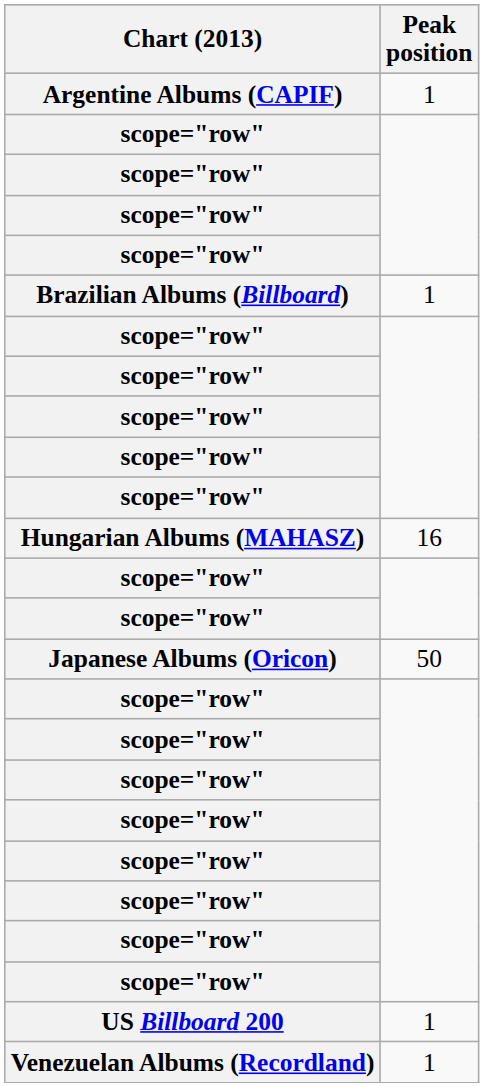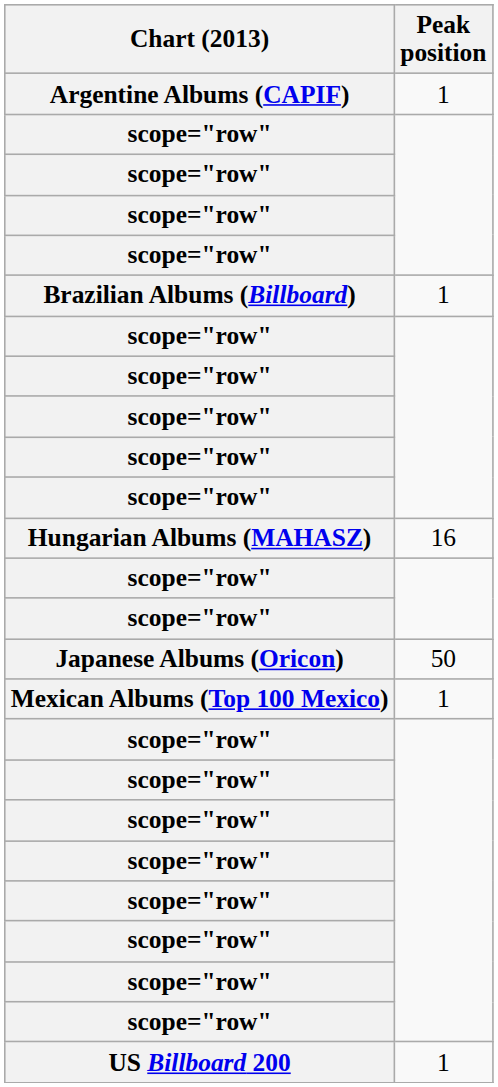 <table class="wikitable sortable plainrowheaders">
 <tr>
 <th scope="col">Chart (2013)</th>
 <th scope="col">Peak<br>position</th>
 </tr>
 <tr>
 <th scope="row">Argentine Albums (<a href='#'>CAPIF</a>)</th>
 <td align="center">1</td>
 </tr>
 <tr>
 <th>scope="row" </th>
 </tr>
 <tr>
 <th>scope="row" </th>
 </tr>
 <tr>
 <th>scope="row" </th>
 </tr>
 <tr>
 <th>scope="row" </th>
 </tr>
 <tr>
 <th scope="row">Brazilian Albums (<em><a href='#'>Billboard</a></em>)</th>
 <td align="center">1</td>
 </tr>
 <tr>
 <th>scope="row" </th>
 </tr>
 <tr>
 <th>scope="row" </th>
 </tr>
 <tr>
 <th>scope="row" </th>
 </tr>
 <tr>
 <th>scope="row" </th>
 </tr>
 <tr>
 <th>scope="row" </th>
 </tr>
 <tr>
 <th scope="row">Hungarian Albums (<a href='#'>MAHASZ</a>)</th>
 <td style="text-align:center;">16</td>
 </tr>
 <tr>
 <th>scope="row" </th>
 </tr>
 <tr>
 <th>scope="row" </th>
 </tr>
 <tr>
 <th scope="row">Japanese Albums (<a href='#'>Oricon</a>)</th>
 <td align=center>50</td>
 </tr>
 <tr>
+<th scope="row">Mexican Albums (<a href='#'>Top 100 Mexico</a>)</th>
+<td align="center">1</td>
+</tr>
+<tr>
 <th>scope="row" </th>
 </tr>
 <tr>
 <th>scope="row" </th>
 </tr>
 <tr>
 <th>scope="row" </th>
 </tr>
 <tr>
 <th>scope="row" </th>
 </tr>
 <tr>
 <th>scope="row" </th>
 </tr>
 <tr>
 <th>scope="row" </th>
 </tr>
 <tr>
 <th>scope="row" </th>
 </tr>
 <tr>
 <th>scope="row" </th>
 </tr>
 <tr>
 <th scope="row">US <a href='#'><em>Billboard</em> 200</a></th>
 <td align="center">1</td>
 </tr>
 <tr>
-<th scope="row">Venezuelan Albums (<a href='#'>Recordland</a>)</th>
-<td style="text-align:center;">1</td>
-</tr>
-<tr>
 </tr>
 </table>
